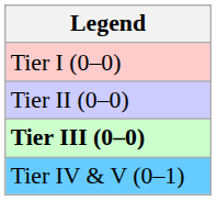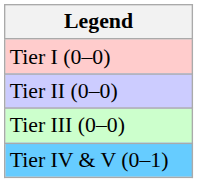 <table class="wikitable" width=11%>
 <tr>
 <th>Legend</th>
 </tr>
 <tr>
 <td bgcolor=#ffcccc>Tier I (0–0)</td>
 </tr>
 <tr>
 <td bgcolor=#ccccff>Tier II (0–0)</td>
 </tr>
 <tr>
-<td bgcolor=#CCFFCC><strong>Tier III (0–0)</strong></td>
+<td bgcolor=#CCFFCC>Tier III (0–0)</td>
 </tr>
 <tr>
 <td bgcolor=#66CCFF>Tier IV & V (0–1)</td>
 </tr>
 </table>
